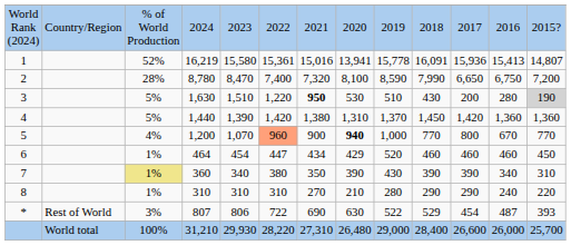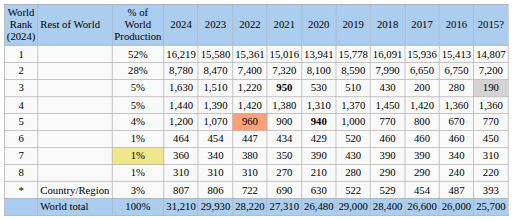 <table class="wikitable">
 <tr>
 </tr>
 <tr style="background:#abcdef; text-align:center;">
 <td>World Rank (2024)</td>
-<td>Country/Region</td>
+<td align="left">Rest of World</td>
 <td>% of World Production</td>
 <td>2024</td>
 <td>2023</td>
 <td>2022</td>
 <td>2021</td>
 <td>2020</td>
 <td>2019</td>
 <td>2018</td>
 <td>2017</td>
 <td>2016</td>
 <td>2015?</td>
 </tr>
 <tr style="text-align:center;">
 <td>1</td>
 <td align="left"></td>
 <td>52%</td>
 <td>16,219</td>
 <td>15,580</td>
 <td>15,361</td>
 <td>15,016</td>
 <td>13,941</td>
 <td>15,778</td>
 <td>16,091</td>
 <td>15,936</td>
 <td>15,413</td>
 <td>14,807</td>
 </tr>
 <tr style="text-align:center;">
 <td>2</td>
 <td align="left"></td>
 <td>28%</td>
 <td>8,780</td>
 <td>8,470</td>
 <td>7,400</td>
 <td>7,320</td>
 <td>8,100</td>
 <td>8,590</td>
 <td>7,990</td>
 <td>6,650</td>
 <td>6,750</td>
 <td>7,200</td>
 </tr>
 <tr style="text-align:center;">
 <td>3</td>
 <td align="left"></td>
 <td>5%</td>
 <td>1,630</td>
 <td>1,510</td>
 <td>1,220</td>
 <td><strong>950</strong></td>
 <td>530</td>
 <td>510</td>
 <td>430</td>
 <td>200</td>
 <td>280</td>
 <td style="background: lightgrey;">190</td>
 </tr>
 <tr style="text-align:center;">
 <td>4</td>
 <td align="left"></td>
 <td>5%</td>
 <td>1,440</td>
 <td>1,390</td>
 <td>1,420</td>
 <td>1,380</td>
 <td>1,310</td>
 <td>1,370</td>
 <td>1,450</td>
 <td>1,420</td>
 <td>1,360</td>
 <td>1,360</td>
 </tr>
 <tr style="text-align:center;">
 <td>5</td>
 <td align="left"></td>
 <td>4%</td>
 <td>1,200</td>
 <td>1,070</td>
 <td style="background: lightsalmon;">960</td>
 <td>900</td>
 <td><strong>940</strong></td>
 <td>1,000</td>
 <td>770</td>
 <td>800</td>
 <td>670</td>
 <td>770</td>
 </tr>
 <tr style="text-align:center;">
 <td>6</td>
 <td align="left"></td>
 <td>1%</td>
 <td>464</td>
 <td>454</td>
 <td>447</td>
 <td>434</td>
 <td>429</td>
 <td>520</td>
 <td>460</td>
 <td>460</td>
 <td>460</td>
 <td>450</td>
 </tr>
 <tr style="text-align:center;">
 <td>7</td>
 <td align="left"></td>
 <td style="background: khaki;">1%</td>
 <td>360</td>
 <td>340</td>
 <td>380</td>
 <td>350</td>
 <td>390</td>
 <td>430</td>
 <td>390</td>
 <td>390</td>
 <td>340</td>
 <td>310</td>
 </tr>
 <tr style="text-align:center;">
 <td>8</td>
 <td align="left"></td>
 <td>1%</td>
 <td>310</td>
 <td>310</td>
 <td>310</td>
 <td>270</td>
 <td>210</td>
 <td>280</td>
 <td>290</td>
 <td>290</td>
 <td>240</td>
 <td>220</td>
 </tr>
 <tr style="text-align:center;">
 <td>*</td>
-<td align="left">Rest of World</td>
+<td>Country/Region</td>
 <td>3%</td>
 <td>807</td>
 <td>806</td>
 <td>722</td>
 <td>690</td>
 <td>630</td>
 <td>522</td>
 <td>529</td>
 <td>454</td>
 <td>487</td>
 <td>393</td>
 </tr>
 <tr style="background:#abcdef; text-align:center;">
 <td></td>
 <td align="left">World total</td>
 <td>100%</td>
 <td>31,210</td>
 <td>29,930</td>
 <td>28,220</td>
 <td>27,310</td>
 <td>26,480</td>
 <td>29,000</td>
 <td>28,400</td>
 <td>26,600</td>
 <td>26,000</td>
 <td>25,700</td>
 </tr>
 </table>
